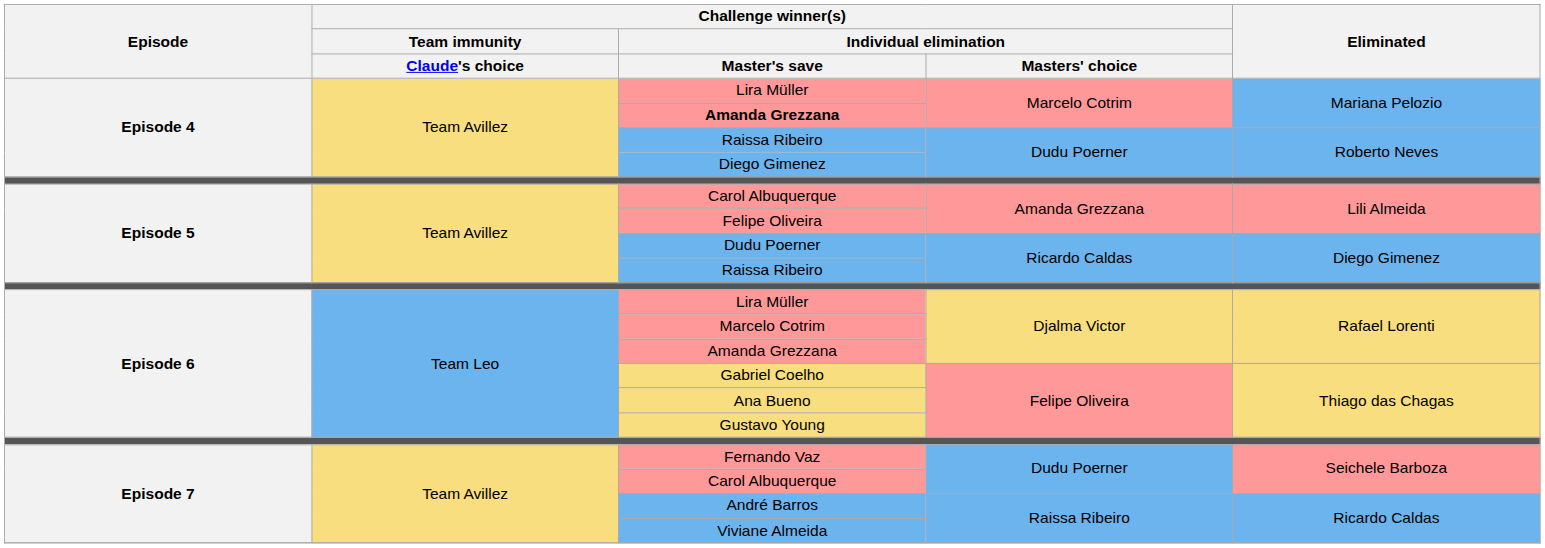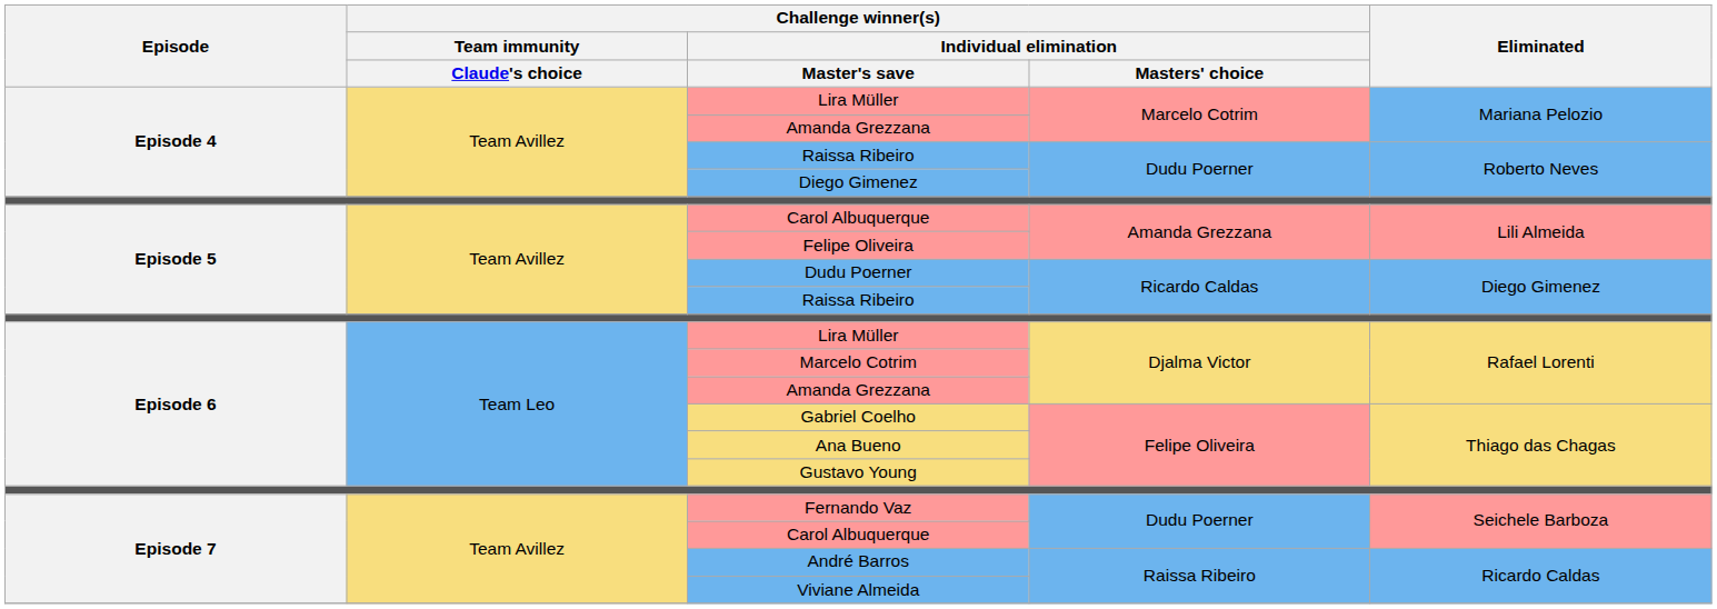 <table class="wikitable" style="text-align:center; width:100%;">
 <tr>
 <th scope="col" width="20.0%" rowspan=3>Episode</th>
 <th scope="col" width="60.0%" colspan=3>Challenge winner(s)</th>
 <th scope="col" width="20.0%" rowspan=3>Eliminated</th>
 </tr>
 <tr>
 <th scope="col" width="20.0%" colspan=1>Team immunity</th>
 <th scope="col" width="40.0%" colspan=2>Individual elimination</th>
 </tr>
 <tr>
 <th scope="col" width="20.0%"><a href='#'>Claude</a>'s choice</th>
 <th scope="col" width="20.0%">Master's save</th>
 <th scope="col" width="20.0%">Masters' choice</th>
 </tr>
 <tr>
 <th rowspan=4>Episode 4<br></th>
 <td rowspan=4 bgcolor=F8DE7E>Team Avillez</td>
 <td rowspan=1 bgcolor=FF9999>Lira Müller</td>
 <td rowspan=2 bgcolor=FF9999>Marcelo Cotrim</td>
 <td rowspan=2 bgcolor=6CB4EE>Mariana Pelozio</td>
 </tr>
 <tr>
-<td rowspan=1 bgcolor=FF9999><strong>Amanda Grezzana</strong></td>
+<td rowspan=1 bgcolor=FF9999>Amanda Grezzana</td>
 </tr>
 <tr>
 <td rowspan=1 bgcolor=6CB4EE>Raissa Ribeiro</td>
 <td rowspan=2 bgcolor=6CB4EE>Dudu Poerner</td>
 <td rowspan=2 bgcolor=6CB4EE>Roberto Neves</td>
 </tr>
 <tr>
 <td rowspan=1 bgcolor=6CB4EE>Diego Gimenez</td>
 </tr>
 <tr>
 <td colspan=5 bgcolor=555555></td>
 </tr>
 <tr>
 <th rowspan=4>Episode 5<br></th>
 <td rowspan=4 bgcolor=F8DE7E>Team Avillez</td>
 <td rowspan=1 bgcolor=FF9999>Carol Albuquerque</td>
 <td rowspan=2 bgcolor=FF9999>Amanda Grezzana</td>
 <td rowspan=2 bgcolor=FF9999>Lili Almeida</td>
 </tr>
 <tr>
 <td rowspan=1 bgcolor=FF9999>Felipe Oliveira</td>
 </tr>
 <tr>
 <td rowspan=1 bgcolor=6CB4EE>Dudu Poerner</td>
 <td rowspan=2 bgcolor=6CB4EE>Ricardo Caldas</td>
 <td rowspan=2 bgcolor=6CB4EE>Diego Gimenez</td>
 </tr>
 <tr>
 <td rowspan=1 bgcolor=6CB4EE>Raissa Ribeiro</td>
 </tr>
 <tr>
 <td colspan=5 bgcolor=555555></td>
 </tr>
 <tr>
 <th rowspan=6>Episode 6<br></th>
 <td rowspan=6 bgcolor=6CB4EE>Team Leo</td>
 <td rowspan=1 bgcolor=FF9999>Lira Müller</td>
 <td rowspan=3 bgcolor=F8DE7E>Djalma Victor</td>
 <td rowspan=3 bgcolor=F8DE7E>Rafael Lorenti</td>
 </tr>
 <tr>
 <td rowspan=1 bgcolor=FF9999>Marcelo Cotrim</td>
 </tr>
 <tr>
 <td rowspan=1 bgcolor=FF9999>Amanda Grezzana</td>
 </tr>
 <tr>
 <td rowspan=1 bgcolor=F8DE7E>Gabriel Coelho</td>
 <td rowspan=3 bgcolor=FF9999>Felipe Oliveira</td>
 <td rowspan=3 bgcolor=F8DE7E>Thiago das Chagas</td>
 </tr>
 <tr>
 <td rowspan=1 bgcolor=F8DE7E>Ana Bueno</td>
 </tr>
 <tr>
 <td rowspan=1 bgcolor=F8DE7E>Gustavo Young</td>
 </tr>
 <tr>
 <td colspan=5 bgcolor=555555></td>
 </tr>
 <tr>
 <th rowspan=4>Episode 7<br></th>
 <td rowspan=4 bgcolor=F8DE7E>Team Avillez</td>
 <td rowspan=1 bgcolor=FF9999>Fernando Vaz</td>
 <td rowspan=2 bgcolor=6CB4EE>Dudu Poerner</td>
 <td rowspan=2 bgcolor=FF9999>Seichele Barboza</td>
 </tr>
 <tr>
 <td rowspan=1 bgcolor=FF9999>Carol Albuquerque</td>
 </tr>
 <tr>
 <td rowspan=1 bgcolor=6CB4EE>André Barros</td>
 <td rowspan=2 bgcolor=6CB4EE>Raissa Ribeiro</td>
 <td rowspan=2 bgcolor=6CB4EE>Ricardo Caldas</td>
 </tr>
 <tr>
 <td rowspan=1 bgcolor=6CB4EE>Viviane Almeida</td>
 </tr>
 <tr>
 </tr>
 </table>
